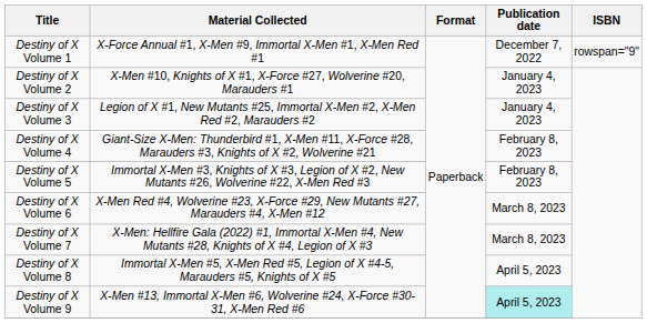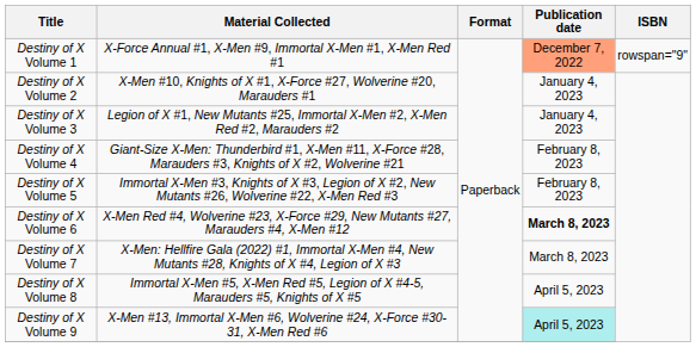 <table class="wikitable" style="text-align:center; width:100%">
 <tr>
 <th scope="col">Title</th>
 <th scope="col">Material Collected</th>
 <th scope="col">Format</th>
 <th scope="col">Publication date</th>
 <th scope="col">ISBN</th>
 </tr>
 <tr>
 <td><em>Destiny of X</em> Volume 1</td>
 <td><em>X-Force Annual</em> #1, <em>X-Men</em> #9, <em>Immortal X-Men</em> #1, <em>X-Men Red</em> #1</td>
 <td rowspan="9">Paperback</td>
-<td>December 7, 2022</td>
+<td style="background: lightsalmon;">December 7, 2022</td>
 <td>rowspan="9" </td>
 </tr>
 <tr>
 <td><em>Destiny of X</em> Volume 2</td>
 <td><em>X-Men</em> #10, <em>Knights of X</em> #1, <em>X-Force</em> #27, <em>Wolverine</em> #20, <em>Marauders</em> #1</td>
 <td>January 4, 2023</td>
 </tr>
 <tr>
 <td><em>Destiny of X</em> Volume 3</td>
 <td><em>Legion of X</em> #1, <em>New Mutants</em> #25, <em>Immortal X-Men</em> #2, <em>X-Men Red</em> #2, <em>Marauders</em> #2</td>
 <td>January 4, 2023</td>
 </tr>
 <tr>
 <td><em>Destiny of X</em> Volume 4</td>
 <td><em>Giant-Size X-Men: Thunderbird</em> #1, <em>X-Men</em> #11, <em>X-Force</em> #28, <em>Marauders</em> #3, <em>Knights of X</em> #2, <em>Wolverine</em> #21</td>
 <td>February 8, 2023</td>
 </tr>
 <tr>
 <td><em>Destiny of X</em> Volume 5</td>
 <td><em>Immortal X-Men</em> #3, <em>Knights of X</em> #3, <em>Legion of X</em> #2, <em>New Mutants</em> #26, <em>Wolverine</em> #22, <em>X-Men Red</em> #3</td>
 <td>February 8, 2023</td>
 </tr>
 <tr>
 <td><em>Destiny of X</em> Volume 6</td>
 <td><em>X-Men Red #4, Wolverine #23, X-Force #29, New Mutants #27, Marauders #4, X-Men #12</em></td>
-<td>March 8, 2023</td>
+<td><strong>March 8, 2023</strong></td>
 </tr>
 <tr>
 <td><em>Destiny of X</em> Volume 7</td>
 <td><em>X-Men: Hellfire Gala (2022) #1, Immortal X-Men #4, New Mutants #28, Knights of X #4, Legion of X #3</em></td>
 <td>March 8, 2023</td>
 </tr>
 <tr>
 <td><em>Destiny of X</em> Volume 8</td>
 <td><em>Immortal X-Men #5, X-Men Red #5, Legion of X #4-5, Marauders #5, Knights of X #5</em></td>
 <td>April 5, 2023</td>
 </tr>
 <tr>
 <td><em>Destiny of X</em> Volume 9</td>
 <td><em>X-Men #13, Immortal X-Men #6, Wolverine #24, X-Force #30-31, X-Men Red #6</em></td>
 <td style="background: paleturquoise;">April 5, 2023</td>
 </tr>
 <tr>
 </tr>
 </table>
